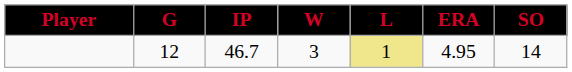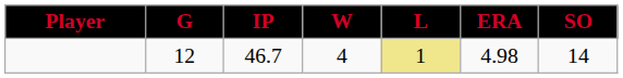 <table class="wikitable sortable">
 <tr>
 <th style="background:black;color:#d40026;" width="16%">Player</th>
 <th style="background:black;color:#d40026;" width="9%">G</th>
 <th style="background:black;color:#d40026;" width="9%">IP</th>
 <th style="background:black;color:#d40026;" width="9%">W</th>
 <th style="background:black;color:#d40026;" width="9%">L</th>
 <th style="background:black;color:#d40026;" width="9%">ERA</th>
 <th style="background:black;color:#d40026;" width="9%">SO</th>
 </tr>
 <tr align="center">
 <td></td>
 <td>12</td>
 <td>46.7</td>
-<td>3</td>
+<td>4</td>
 <td style="background: khaki;">1</td>
-<td>4.95</td>
+<td>4.98</td>
 <td>14</td>
 </tr>
 </table>
